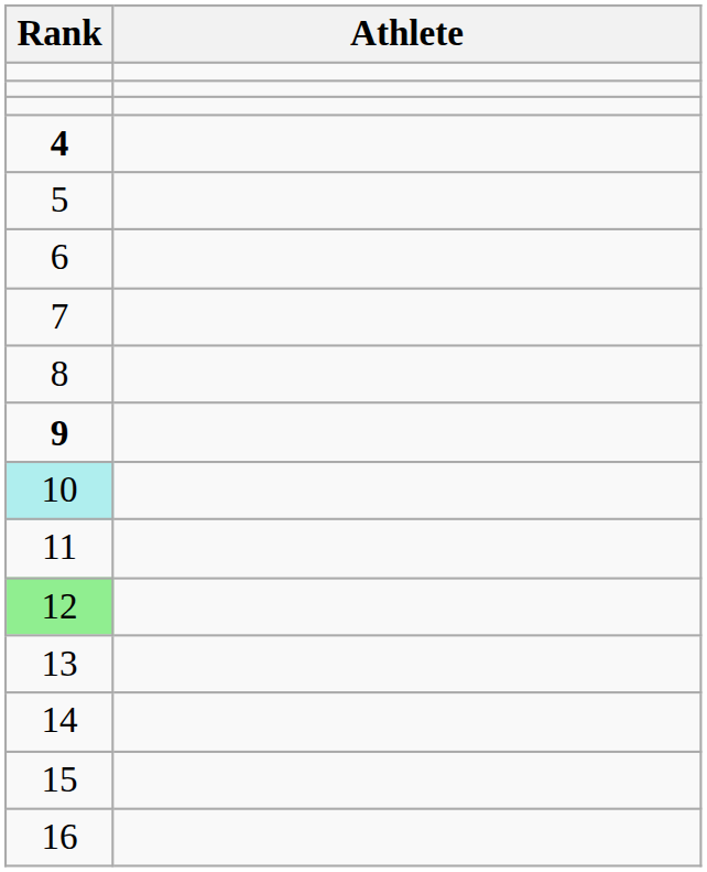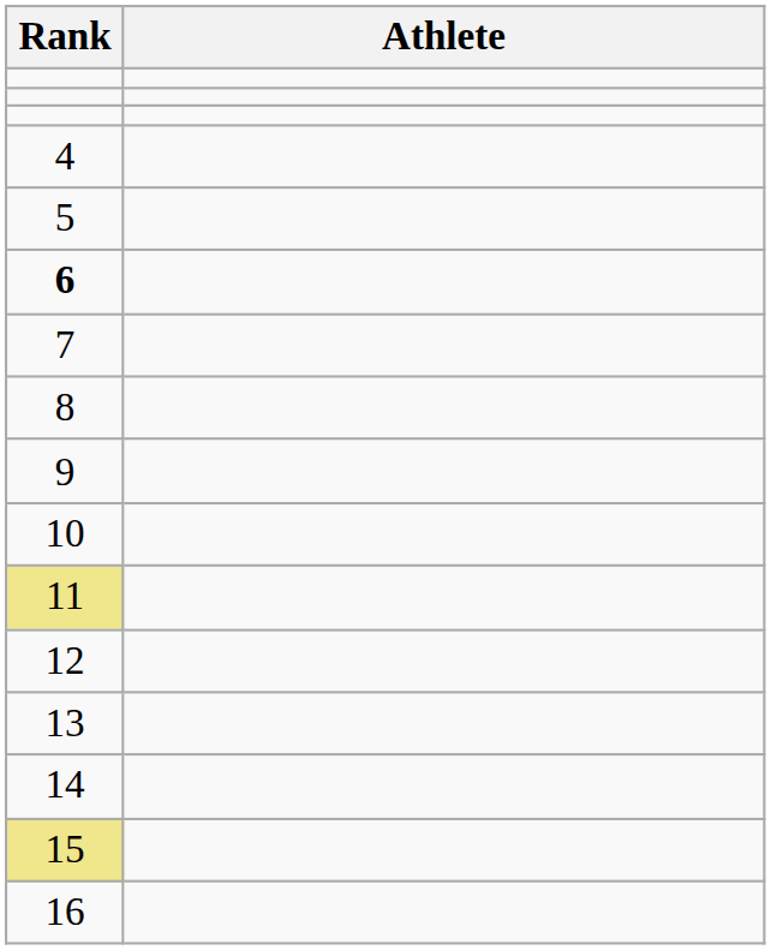 <table class="wikitable" style="text-align: center;">
 <tr>
 <th width=40>Rank</th>
 <th width=250>Athlete</th>
 </tr>
 <tr>
 <td></td>
 <td align=left></td>
 </tr>
 <tr>
 <td></td>
 <td align=left></td>
 </tr>
 <tr>
 <td></td>
 <td align=left></td>
 </tr>
 <tr>
-<td><strong>4</strong></td>
+<td>4</td>
 <td align=left></td>
 </tr>
 <tr>
 <td>5</td>
 <td align=left></td>
 </tr>
 <tr>
-<td>6</td>
+<td><strong>6</strong></td>
 <td align=left></td>
 </tr>
 <tr>
 <td>7</td>
 <td align=left></td>
 </tr>
 <tr>
 <td>8</td>
 <td align=left></td>
 </tr>
 <tr>
-<td><strong>9</strong></td>
+<td>9</td>
 <td align=left></td>
 </tr>
 <tr>
-<td style="background: paleturquoise;">10</td>
+<td>10</td>
 <td align=left></td>
 </tr>
 <tr>
-<td>11</td>
+<td style="background: khaki;">11</td>
 <td align=left></td>
 </tr>
 <tr>
-<td style="background: lightgreen;">12</td>
+<td>12</td>
 <td align=left></td>
 </tr>
 <tr>
 <td>13</td>
 <td align=left></td>
 </tr>
 <tr>
 <td>14</td>
 <td align=left></td>
 </tr>
 <tr>
-<td>15</td>
+<td style="background: khaki;">15</td>
 <td align=left></td>
 </tr>
 <tr>
 <td>16</td>
 <td align=left></td>
 </tr>
 </table>
